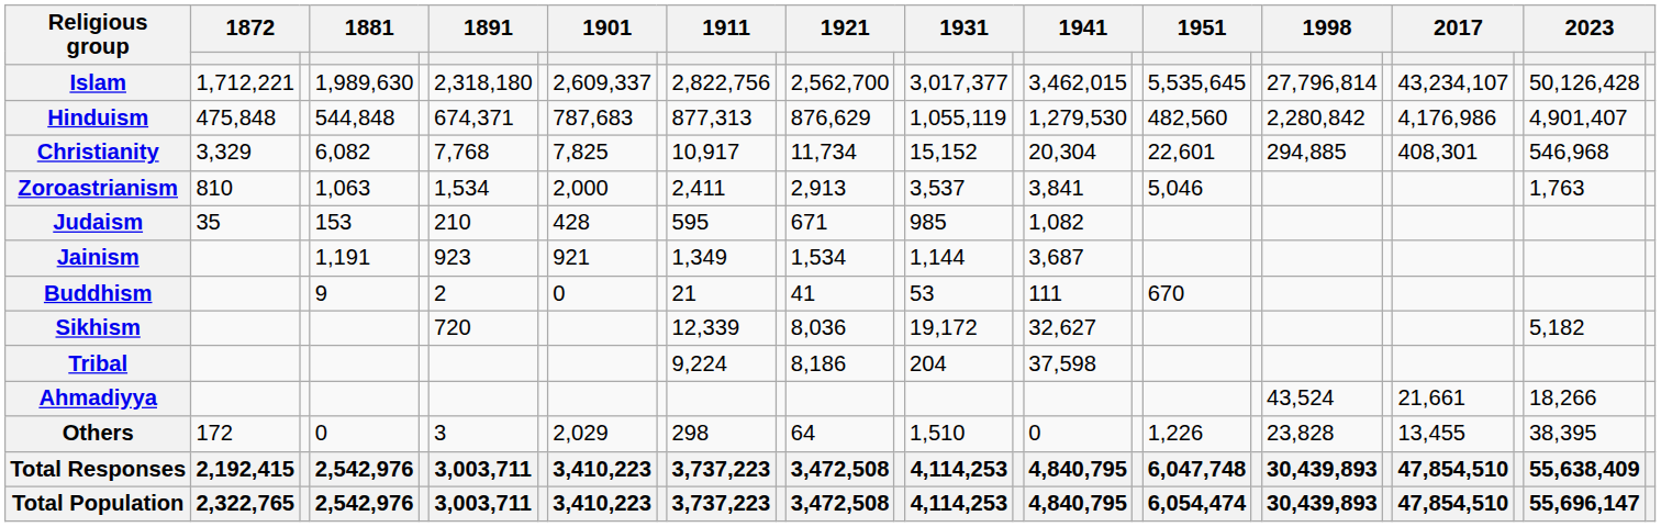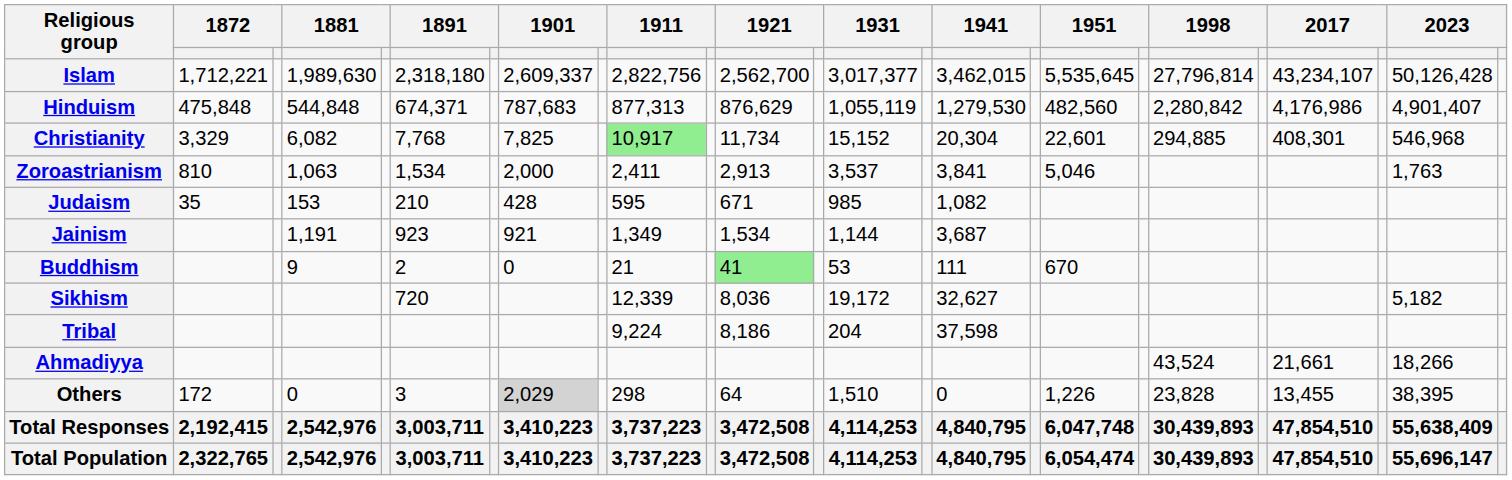 <table class="wikitable sortable">
 <tr>
 <th rowspan="2">Religious<br>group</th>
 <th colspan="2">1872</th>
 <th colspan="2">1881</th>
 <th colspan="2">1891</th>
 <th colspan="2">1901</th>
 <th colspan="2">1911</th>
 <th colspan="2">1921</th>
 <th colspan="2">1931</th>
 <th colspan="2">1941</th>
 <th colspan="2">1951</th>
 <th colspan="2">1998</th>
 <th colspan="2">2017</th>
 <th colspan="2">2023</th>
 </tr>
 <tr>
 <th><a href='#'></a></th>
 <th></th>
 <th></th>
 <th></th>
 <th></th>
 <th></th>
 <th></th>
 <th></th>
 <th></th>
 <th></th>
 <th></th>
 <th></th>
 <th></th>
 <th></th>
 <th></th>
 <th></th>
 <th></th>
 <th></th>
 <th></th>
 <th></th>
 <th></th>
 <th></th>
 <th></th>
 <th></th>
 </tr>
 <tr>
 <th><a href='#'>Islam</a> </th>
 <td>1,712,221</td>
 <td></td>
 <td>1,989,630</td>
 <td></td>
 <td>2,318,180</td>
 <td></td>
 <td>2,609,337</td>
 <td></td>
 <td>2,822,756</td>
 <td></td>
 <td>2,562,700</td>
 <td></td>
 <td>3,017,377</td>
 <td></td>
 <td>3,462,015</td>
 <td></td>
 <td>5,535,645</td>
 <td></td>
 <td>27,796,814</td>
 <td></td>
 <td>43,234,107</td>
 <td></td>
 <td>50,126,428</td>
 <td></td>
 </tr>
 <tr>
 <th><a href='#'>Hinduism</a> </th>
 <td>475,848</td>
 <td></td>
 <td>544,848</td>
 <td></td>
 <td>674,371</td>
 <td></td>
 <td>787,683</td>
 <td></td>
 <td>877,313</td>
 <td></td>
 <td>876,629</td>
 <td></td>
 <td>1,055,119</td>
 <td></td>
 <td>1,279,530</td>
 <td></td>
 <td>482,560</td>
 <td></td>
 <td>2,280,842</td>
 <td></td>
 <td>4,176,986</td>
 <td></td>
 <td>4,901,407</td>
 <td></td>
 </tr>
 <tr>
 <th><a href='#'>Christianity</a> </th>
 <td>3,329</td>
 <td></td>
 <td>6,082</td>
 <td></td>
 <td>7,768</td>
 <td></td>
 <td>7,825</td>
 <td></td>
-<td>10,917</td>
+<td style="background: lightgreen;">10,917</td>
 <td></td>
 <td>11,734</td>
 <td></td>
 <td>15,152</td>
 <td></td>
 <td>20,304</td>
 <td></td>
 <td>22,601</td>
 <td></td>
 <td>294,885</td>
 <td></td>
 <td>408,301</td>
 <td></td>
 <td>546,968</td>
 <td></td>
 </tr>
 <tr>
 <th><a href='#'>Zoroastrianism</a> </th>
 <td>810</td>
 <td></td>
 <td>1,063</td>
 <td></td>
 <td>1,534</td>
 <td></td>
 <td>2,000</td>
 <td></td>
 <td>2,411</td>
 <td></td>
 <td>2,913</td>
 <td></td>
 <td>3,537</td>
 <td></td>
 <td>3,841</td>
 <td></td>
 <td>5,046</td>
 <td></td>
 <td></td>
 <td></td>
 <td></td>
 <td></td>
 <td>1,763</td>
 <td></td>
 </tr>
 <tr>
 <th><a href='#'>Judaism</a> </th>
 <td>35</td>
 <td></td>
 <td>153</td>
 <td></td>
 <td>210</td>
 <td></td>
 <td>428</td>
 <td></td>
 <td>595</td>
 <td></td>
 <td>671</td>
 <td></td>
 <td>985</td>
 <td></td>
 <td>1,082</td>
 <td></td>
 <td></td>
 <td></td>
 <td></td>
 <td></td>
 <td></td>
 <td></td>
 <td></td>
 <td></td>
 </tr>
 <tr>
 <th><a href='#'>Jainism</a> </th>
 <td></td>
 <td></td>
 <td>1,191</td>
 <td></td>
 <td>923</td>
 <td></td>
 <td>921</td>
 <td></td>
 <td>1,349</td>
 <td></td>
 <td>1,534</td>
 <td></td>
 <td>1,144</td>
 <td></td>
 <td>3,687</td>
 <td></td>
 <td></td>
 <td></td>
 <td></td>
 <td></td>
 <td></td>
 <td></td>
 <td></td>
 <td></td>
 </tr>
 <tr>
 <th><a href='#'>Buddhism</a> </th>
 <td></td>
 <td></td>
 <td>9</td>
 <td></td>
 <td>2</td>
 <td></td>
 <td>0</td>
 <td></td>
 <td>21</td>
 <td></td>
-<td>41</td>
+<td style="background: lightgreen;">41</td>
 <td></td>
 <td>53</td>
 <td></td>
 <td>111</td>
 <td></td>
 <td>670</td>
 <td></td>
 <td></td>
 <td></td>
 <td></td>
 <td></td>
 <td></td>
 <td></td>
 </tr>
 <tr>
 <th><a href='#'>Sikhism</a> </th>
 <td></td>
 <td></td>
 <td></td>
 <td></td>
 <td>720</td>
 <td></td>
 <td></td>
 <td></td>
 <td>12,339</td>
 <td></td>
 <td>8,036</td>
 <td></td>
 <td>19,172</td>
 <td></td>
 <td>32,627</td>
 <td></td>
 <td></td>
 <td></td>
 <td></td>
 <td></td>
 <td></td>
 <td></td>
 <td>5,182</td>
 <td></td>
 </tr>
 <tr>
 <th><a href='#'>Tribal</a></th>
 <td></td>
 <td></td>
 <td></td>
 <td></td>
 <td></td>
 <td></td>
 <td></td>
 <td></td>
 <td>9,224</td>
 <td></td>
 <td>8,186</td>
 <td></td>
 <td>204</td>
 <td></td>
 <td>37,598</td>
 <td></td>
 <td></td>
 <td></td>
 <td></td>
 <td></td>
 <td></td>
 <td></td>
 <td></td>
 <td></td>
 </tr>
 <tr>
 <th><a href='#'>Ahmadiyya</a> </th>
 <td></td>
 <td></td>
 <td></td>
 <td></td>
 <td></td>
 <td></td>
 <td></td>
 <td></td>
 <td></td>
 <td></td>
 <td></td>
 <td></td>
 <td></td>
 <td></td>
 <td></td>
 <td></td>
 <td></td>
 <td></td>
 <td>43,524</td>
 <td></td>
 <td>21,661</td>
 <td></td>
 <td>18,266</td>
 <td></td>
 </tr>
 <tr>
 <th>Others</th>
 <td>172</td>
 <td></td>
 <td>0</td>
 <td></td>
 <td>3</td>
 <td></td>
-<td>2,029</td>
+<td style="background: lightgrey;">2,029</td>
 <td></td>
 <td>298</td>
 <td></td>
 <td>64</td>
 <td></td>
 <td>1,510</td>
 <td></td>
 <td>0</td>
 <td></td>
 <td>1,226</td>
 <td></td>
 <td>23,828</td>
 <td></td>
 <td>13,455</td>
 <td></td>
 <td>38,395</td>
 <td></td>
 </tr>
 <tr class="sortbottom">
 <th>Total Responses</th>
 <th>2,192,415</th>
 <th></th>
 <th>2,542,976</th>
 <th></th>
 <th>3,003,711</th>
 <th></th>
 <th>3,410,223</th>
 <th></th>
 <th>3,737,223</th>
 <th></th>
 <th>3,472,508</th>
 <th></th>
 <th>4,114,253</th>
 <th></th>
 <th>4,840,795</th>
 <th></th>
 <th>6,047,748</th>
 <th></th>
 <th>30,439,893</th>
 <th></th>
 <th>47,854,510</th>
 <th></th>
 <th>55,638,409</th>
 <th></th>
 </tr>
 <tr class="sortbottom">
 <th>Total Population</th>
 <th>2,322,765</th>
 <th></th>
 <th>2,542,976</th>
 <th></th>
 <th>3,003,711</th>
 <th></th>
 <th>3,410,223</th>
 <th></th>
 <th>3,737,223</th>
 <th></th>
 <th>3,472,508</th>
 <th></th>
 <th>4,114,253</th>
 <th></th>
 <th>4,840,795</th>
 <th></th>
 <th>6,054,474</th>
 <th></th>
 <th>30,439,893</th>
 <th></th>
 <th>47,854,510</th>
 <th></th>
 <th>55,696,147</th>
 <th></th>
 </tr>
 </table>
